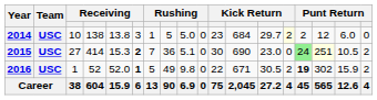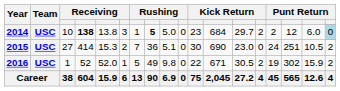 <table class="wikitable" style="text-align:center;">
 <tr>
 <th rowspan="2">Year</th>
 <th rowspan="2">Team</th>
 <th colspan="4">Receiving</th>
 <th colspan="4">Rushing</th>
 <th colspan="4">Kick Return</th>
 <th colspan="4">Punt Return</th>
 </tr>
 <tr>
 <th></th>
 <th></th>
 <th></th>
 <th></th>
 <th></th>
 <th></th>
 <th></th>
 <th></th>
 <th></th>
 <th></th>
 <th></th>
 <th></th>
 <th></th>
 <th></th>
 <th></th>
 <th></th>
 </tr>
 <tr>
 <th><a href='#'>2014</a></th>
 <th><a href='#'>USC</a></th>
 <td>10</td>
-<td>138</td>
+<td><strong>138</strong></td>
 <td>13.8</td>
 <td>3</td>
 <td>1</td>
-<td>5</td>
+<td><strong>5</strong></td>
 <td>5.0</td>
 <td>0</td>
 <td>23</td>
 <td>684</td>
 <td>29.7</td>
-<td style="background: lightyellow;">2</td>
+<td>2</td>
 <td>2</td>
 <td>12</td>
 <td>6.0</td>
-<td>0</td>
+<td style="background: lightblue;">0</td>
 </tr>
 <tr>
 <th><a href='#'>2015</a></th>
 <th><a href='#'>USC</a></th>
 <td>27</td>
 <td>414</td>
 <td>15.3</td>
-<td><strong>2</strong></td>
+<td>2</td>
 <td>7</td>
 <td>36</td>
 <td>5.1</td>
 <td>0</td>
 <td>30</td>
 <td>690</td>
 <td>23.0</td>
 <td>0</td>
-<td style="background: lightgreen;">24</td>
-<td style="background: lightyellow;">251</td>
+<td>24</td>
+<td>251</td>
 <td>10.5</td>
 <td>2</td>
 </tr>
 <tr>
 <th><a href='#'>2016</a></th>
 <th><a href='#'>USC</a></th>
 <td>1</td>
 <td>52</td>
 <td>52.0</td>
-<td><strong>1</strong></td>
+<td>1</td>
 <td>5</td>
 <td>49</td>
 <td>9.8</td>
 <td>0</td>
 <td>22</td>
 <td>671</td>
 <td>30.5</td>
 <td>2</td>
-<td><strong>19</strong></td>
+<td>19</td>
 <td>302</td>
 <td>15.9</td>
 <td>2</td>
 </tr>
 <tr>
 <th colspan="2">Career</th>
 <th>38</th>
 <th>604</th>
 <th>15.9</th>
 <th>6</th>
 <th>13</th>
 <th>90</th>
 <th>6.9</th>
 <th>0</th>
 <th>75</th>
 <th>2,045</th>
 <th>27.2</th>
 <th>4</th>
 <th>45</th>
 <th>565</th>
 <th>12.6</th>
 <th>4</th>
 </tr>
 </table>
